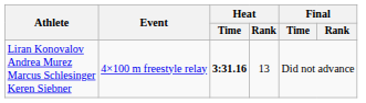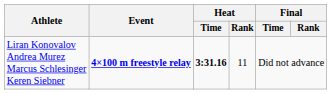 <table class=wikitable style="font-size:90%">
 <tr>
 <th rowspan="2">Athlete</th>
 <th rowspan="2">Event</th>
 <th colspan="2">Heat</th>
 <th colspan="2">Final</th>
 </tr>
 <tr style="font-size:95%">
 <th>Time</th>
 <th>Rank</th>
 <th>Time</th>
 <th>Rank</th>
 </tr>
 <tr align=center>
 <td align=left><a href='#'>Liran Konovalov</a><br><a href='#'>Andrea Murez</a><br><a href='#'>Marcus Schlesinger</a><br><a href='#'>Keren Siebner</a></td>
-<td align=left><a href='#'>4×100 m freestyle relay</a></td>
+<td align=left><strong><a href='#'>4×100 m freestyle relay</a></strong></td>
 <td><strong>3:31.16</strong></td>
-<td>13</td>
+<td>11</td>
 <td colspan=2>Did not advance</td>
 </tr>
 </table>
